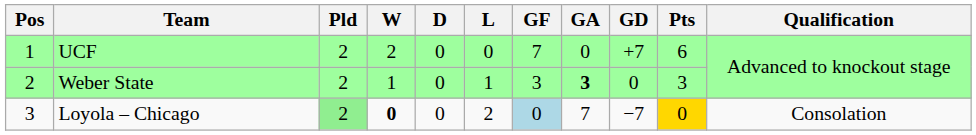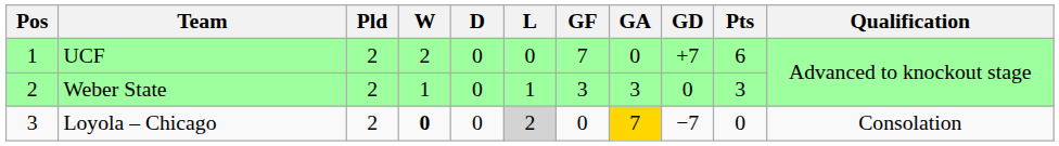 <table class="wikitable" style="text-align:center; margin: 1em auto">
 <tr>
 <th style="width:2em">Pos</th>
 <th style="width:13em">Team</th>
 <th style="width:2em">Pld</th>
 <th style="width:2em">W</th>
 <th style="width:2em">D</th>
 <th style="width:2em">L</th>
 <th style="width:2em">GF</th>
 <th style="width:2em">GA</th>
 <th style="width:2em">GD</th>
 <th style="width:2em">Pts</th>
 <th style="width:13em">Qualification</th>
 </tr>
 <tr bgcolor="#9eff9e">
 <td>1</td>
 <td style="text-align:left">UCF</td>
 <td>2</td>
 <td>2</td>
 <td>0</td>
 <td>0</td>
 <td>7</td>
 <td>0</td>
 <td>+7</td>
 <td>6</td>
 <td rowspan="2">Advanced to knockout stage</td>
 </tr>
 <tr bgcolor="#9eff9e">
 <td>2</td>
 <td style="text-align:left">Weber State</td>
 <td>2</td>
 <td>1</td>
 <td>0</td>
 <td>1</td>
 <td>3</td>
-<td><strong>3</strong></td>
+<td>3</td>
 <td>0</td>
 <td>3</td>
 </tr>
 <tr>
 <td>3</td>
 <td style="text-align:left">Loyola – Chicago</td>
-<td style="background: lightgreen;">2</td>
+<td>2</td>
 <td><strong>0</strong></td>
 <td>0</td>
-<td>2</td>
-<td style="background: lightblue;">0</td>
-<td>7</td>
+<td style="background: lightgrey;">2</td>
+<td>0</td>
+<td style="background: gold;">7</td>
 <td>−7</td>
-<td style="background: gold;">0</td>
+<td>0</td>
 <td>Consolation</td>
 </tr>
 </table>
